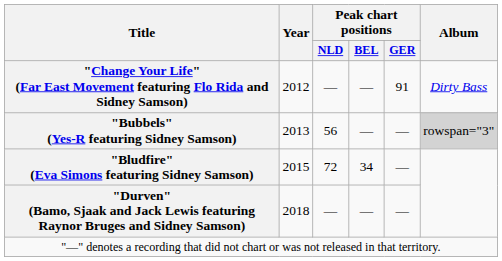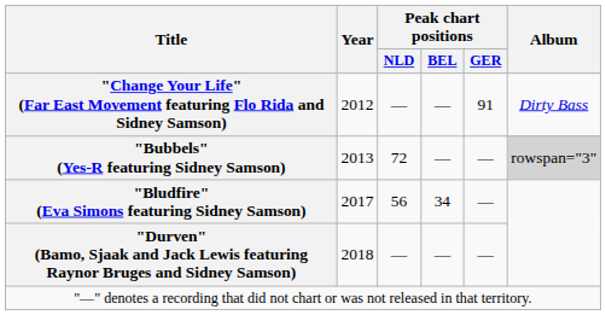 <table class="wikitable plainrowheaders" style="text-align:center;" border="1">
 <tr>
 <th scope="col" rowspan="2" style="width:20em;">Title</th>
 <th scope="col" rowspan="2">Year</th>
 <th scope="col" colspan="3">Peak chart positions</th>
 <th scope="col" rowspan="2">Album</th>
 </tr>
 <tr>
 <th scope="col" style="width:2.5em;font-size:90%;"><a href='#'>NLD</a></th>
 <th scope="col" style="width:2.5em;font-size:90%;"><a href='#'>BEL</a></th>
 <th scope="col" style="width:2.5em;font-size:90%;"><a href='#'>GER</a></th>
 </tr>
 <tr>
 <th scope="row">"<a href='#'>Change Your Life</a>"<br><span>(<a href='#'>Far East Movement</a> featuring <a href='#'>Flo Rida</a> and Sidney Samson)</span></th>
 <td>2012</td>
 <td>—</td>
 <td>—</td>
 <td>91</td>
 <td><em><a href='#'>Dirty Bass</a></em></td>
 </tr>
 <tr>
 <th scope="row">"Bubbels" <br><span>(<a href='#'>Yes-R</a> featuring Sidney Samson)</span></th>
 <td>2013</td>
-<td>56</td>
+<td>72</td>
 <td>—</td>
 <td>—</td>
 <td style="background: lightgrey;">rowspan="3" </td>
 </tr>
 <tr>
 <th scope="row">"Bludfire" <br><span>(<a href='#'>Eva Simons</a> featuring Sidney Samson)</span></th>
-<td>2015</td>
-<td>72</td>
+<td>2017</td>
+<td>56</td>
 <td>34</td>
 <td>—</td>
 </tr>
 <tr>
 <th scope="row">"Durven" <br><span>(Bamo, Sjaak and Jack Lewis featuring Raynor Bruges and Sidney Samson)</span></th>
 <td>2018</td>
 <td>—</td>
 <td>—</td>
 <td>—</td>
 </tr>
 <tr>
 <td colspan="6" style="font-size:90%">"—" denotes a recording that did not chart or was not released in that territory.</td>
 </tr>
 </table>
